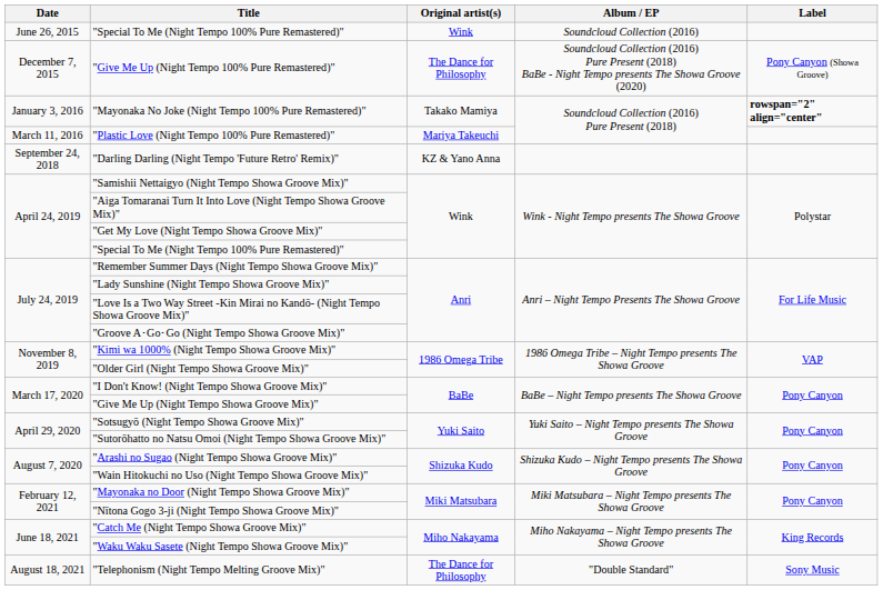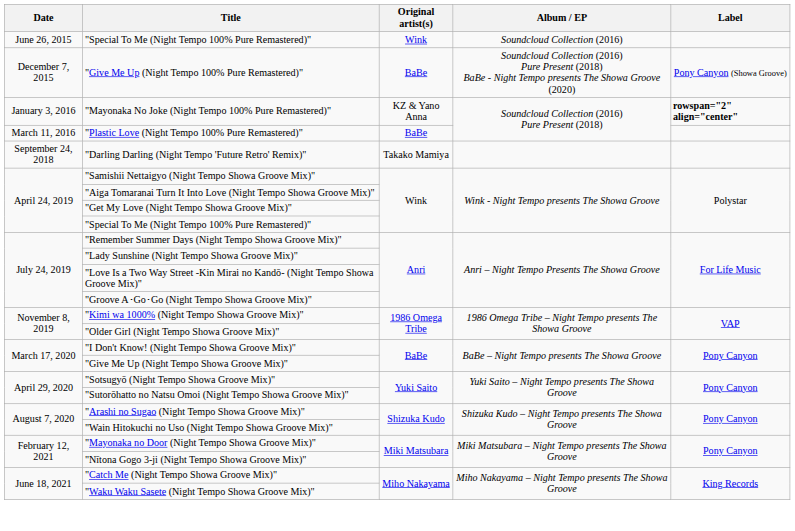 <table class="wikitable">
 <tr>
 <th>Date</th>
 <th>Title</th>
 <th>Original artist(s)</th>
 <th>Album / EP</th>
 <th>Label</th>
 </tr>
 <tr>
 <td align="center">June 26, 2015</td>
 <td>"Special To Me (Night Tempo 100% Pure Remastered)"</td>
 <td align="center"><a href='#'>Wink</a></td>
 <td align="center"><em>Soundcloud Collection</em> (2016)</td>
 <td></td>
 </tr>
 <tr>
 <td align="center">December 7, 2015</td>
 <td>"<a href='#'>Give Me Up</a> (Night Tempo 100% Pure Remastered)"</td>
-<td align=center><a href='#'>The Dance for Philosophy</a></td>
+<td align="center"><a href='#'>BaBe</a></td>
 <td align="center"><em>Soundcloud Collection</em> (2016) <br> <em>Pure Present</em> (2018) <br> <em>BaBe - Night Tempo presents The Showa Groove</em> (2020)</td>
 <td rowspan="1" align="center"><a href='#'>Pony Canyon</a> <small>(Showa Groove)</small></td>
 </tr>
 <tr>
 <td align="center">January 3, 2016</td>
 <td>"Mayonaka No Joke (Night Tempo 100% Pure Remastered)"</td>
-<td align="center">Takako Mamiya</td>
+<td align="center">KZ & Yano Anna</td>
 <td rowspan="2" align="center"><em>Soundcloud Collection</em> (2016) <br> <em>Pure Present</em> (2018)</td>
 <td><strong>rowspan="2" align="center" </strong></td>
 </tr>
 <tr>
 <td align="center">March 11, 2016</td>
 <td>"<a href='#'>Plastic Love</a> (Night Tempo 100% Pure Remastered)"</td>
-<td align="center"><a href='#'>Mariya Takeuchi</a></td>
+<td align="center"><a href='#'>BaBe</a></td>
 </tr>
 <tr>
 <td align="center">September 24, 2018</td>
 <td>"Darling Darling (Night Tempo 'Future Retro' Remix)"</td>
-<td align="center">KZ & Yano Anna</td>
+<td align="center">Takako Mamiya</td>
 <td></td>
 <td></td>
 </tr>
 <tr>
 <td rowspan=4 align="center">April 24, 2019</td>
 <td>"Samishii Nettaigyo (Night Tempo Showa Groove Mix)"</td>
 <td rowspan=4 align=center>Wink</td>
 <td rowspan=4 align=center><em>Wink - Night Tempo presents The Showa Groove</em></td>
 <td rowspan=4 align=center>Polystar</td>
 </tr>
 <tr>
 <td>"Aiga Tomaranai Turn It Into Love (Night Tempo Showa Groove Mix)"</td>
 </tr>
 <tr>
 <td>"Get My Love (Night Tempo Showa Groove Mix)"</td>
 </tr>
 <tr>
 <td>"Special To Me (Night Tempo 100% Pure Remastered)"</td>
 </tr>
 <tr>
 <td rowspan=4 align="center">July 24, 2019</td>
 <td>"Remember Summer Days (Night Tempo Showa Groove Mix)"</td>
 <td rowspan=4 align=center><a href='#'>Anri</a></td>
 <td rowspan=4 align=center><em>Anri – Night Tempo Presents The Showa Groove</em></td>
 <td rowspan=4 align=center><a href='#'>For Life Music</a></td>
 </tr>
 <tr>
 <td>"Lady Sunshine (Night Tempo Showa Groove Mix)"</td>
 </tr>
 <tr>
 <td>"Love Is a Two Way Street -Kin Mirai no Kandō- (Night Tempo Showa Groove Mix)"</td>
 </tr>
 <tr>
 <td>"Groove A･Go･Go (Night Tempo Showa Groove Mix)"</td>
 </tr>
 <tr>
 <td rowspan=2 align="center">November 8, 2019</td>
 <td>"<a href='#'>Kimi wa 1000%</a> (Night Tempo Showa Groove Mix)"</td>
 <td rowspan=2 align="center"><a href='#'>1986 Omega Tribe</a></td>
 <td rowspan=2 align="center"><em>1986 Omega Tribe – Night Tempo presents The Showa Groove</em></td>
 <td rowspan=2 align="center"><a href='#'>VAP</a></td>
 </tr>
 <tr>
 <td>"Older Girl (Night Tempo Showa Groove Mix)"</td>
 </tr>
 <tr>
 <td rowspan=2 align="center">March 17, 2020</td>
 <td>"I Don't Know! (Night Tempo Showa Groove Mix)"</td>
 <td rowspan=2 align="center"><a href='#'>BaBe</a></td>
 <td rowspan=2 align="center"><em>BaBe – Night Tempo presents The Showa Groove</em></td>
 <td rowspan="2" align="center"><a href='#'>Pony Canyon</a></td>
 </tr>
 <tr>
 <td>"Give Me Up (Night Tempo Showa Groove Mix)"</td>
 </tr>
 <tr>
 <td align=center rowspan=2>April 29, 2020</td>
 <td>"Sotsugyō (Night Tempo Showa Groove Mix)"</td>
 <td rowspan=2 align="center"><a href='#'>Yuki Saito</a></td>
 <td rowspan=2 align="center"><em>Yuki Saito – Night Tempo presents The Showa Groove</em></td>
 <td rowspan="2" align="center"><a href='#'>Pony Canyon</a></td>
 </tr>
 <tr>
 <td>"Sutorōhatto no Natsu Omoi (Night Tempo Showa Groove Mix)"</td>
 </tr>
 <tr>
 <td align=center rowspan=2>August 7, 2020</td>
 <td>"<a href='#'>Arashi no Sugao</a> (Night Tempo Showa Groove Mix)"</td>
 <td rowspan=2 align="center"><a href='#'>Shizuka Kudo</a></td>
 <td rowspan=2 align="center"><em>Shizuka Kudo – Night Tempo presents The Showa Groove</em></td>
 <td rowspan="2" align="center"><a href='#'>Pony Canyon</a></td>
 </tr>
 <tr>
 <td>"Wain Hitokuchi no Uso (Night Tempo Showa Groove Mix)"</td>
 </tr>
 <tr>
 <td align=center rowspan=2>February 12, 2021</td>
 <td>"<a href='#'>Mayonaka no Door</a> (Night Tempo Showa Groove Mix)"</td>
 <td rowspan=2 align="center"><a href='#'>Miki Matsubara</a></td>
 <td rowspan=2 align="center"><em>Miki Matsubara – Night Tempo presents The Showa Groove</em></td>
 <td rowspan="2" align="center"><a href='#'>Pony Canyon</a></td>
 </tr>
 <tr>
 <td>"Nītona Gogo 3-ji (Night Tempo Showa Groove Mix)"</td>
 </tr>
 <tr>
 <td align=center rowspan=2>June 18, 2021</td>
 <td>"<a href='#'>Catch Me</a> (Night Tempo Showa Groove Mix)"</td>
 <td rowspan=2 align="center"><a href='#'>Miho Nakayama</a></td>
 <td rowspan=2 align="center"><em>Miho Nakayama – Night Tempo presents The Showa Groove</em></td>
 <td rowspan="2" align="center"><a href='#'>King Records</a></td>
 </tr>
 <tr>
 <td>"<a href='#'>Waku Waku Sasete</a> (Night Tempo Showa Groove Mix)"</td>
 </tr>
-<tr>
-<td align=center>August 18, 2021</td>
-<td>"Telephonism (Night Tempo Melting Groove Mix)"</td>
-<td align=center><a href='#'>The Dance for Philosophy</a></td>
-<td align=center>"Double Standard"</td>
-<td align=center><a href='#'>Sony Music</a></td>
-</tr>
 </table>
